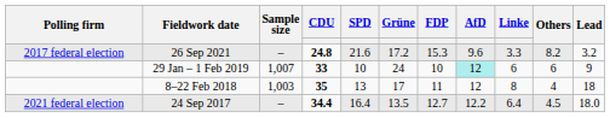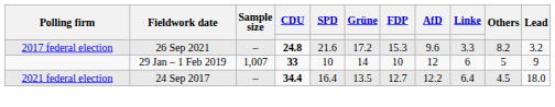 <table class="wikitable sortable mw-datatable" style="text-align:center;font-size:90%;line-height:14px;">
 <tr style="height:40px;">
 <th style="width:160px;" rowspan="2">Polling firm</th>
 <th style="width:135px;" rowspan="2">Fieldwork date</th>
 <th style="width:35px;" rowspan="2">Sample<br>size</th>
 <th class="unsortable" style="width:40px;"><a href='#'>CDU</a></th>
 <th class="unsortable" style="width:40px;"><a href='#'>SPD</a></th>
 <th class="unsortable" style="width:40px;"><a href='#'>Grüne</a></th>
 <th class="unsortable" style="width:40px;"><a href='#'>FDP</a></th>
 <th class="unsortable" style="width:40px;"><a href='#'>AfD</a></th>
 <th class="unsortable" style="width:40px;"><a href='#'>Linke</a></th>
 <th class="unsortable" style="width:30px;" rowspan="2">Others</th>
 <th style="width:30px;" rowspan="2">Lead</th>
 </tr>
 <tr>
 <th style="background:"></th>
 <th style="background:"></th>
 <th style="background:"></th>
 <th style="background:"></th>
 <th style="background:"></th>
 <th style="background:"></th>
 </tr>
 <tr>
 <td style="background:#E9E9E9;"><a href='#'>2017 federal election</a></td>
 <td style="background:#E9E9E9;" data-sort-value="2021-09-26">26 Sep 2021</td>
 <td style="background:#E9E9E9;">–</td>
 <td><strong>24.8</strong></td>
 <td style="background:#E9E9E9;">21.6</td>
 <td style="background:#E9E9E9;">17.2</td>
 <td style="background:#E9E9E9;">15.3</td>
 <td style="background:#E9E9E9;">9.6</td>
 <td style="background:#E9E9E9;">3.3</td>
 <td style="background:#E9E9E9;">8.2</td>
 <td style="background:">3.2</td>
 </tr>
 <tr>
 <td></td>
 <td data-sort-value="2019-02-01">29 Jan – 1 Feb 2019</td>
 <td>1,007</td>
 <td><strong>33</strong></td>
 <td>10</td>
-<td>24</td>
+<td>14</td>
 <td>10</td>
-<td style="background: paleturquoise;">12</td>
+<td>12</td>
 <td>6</td>
-<td>6</td>
+<td>5</td>
 <td style="background:">9</td>
-</tr>
-<tr>
-<td></td>
-<td data-sort-value="2018-02-22">8–22 Feb 2018</td>
-<td>1,003</td>
-<td><strong>35</strong></td>
-<td>13</td>
-<td>17</td>
-<td>11</td>
-<td>12</td>
-<td>8</td>
-<td>4</td>
-<td style="background:">18</td>
 </tr>
 <tr>
 <td style="background:#E9E9E9;"><a href='#'>2021 federal election</a></td>
 <td style="background:#E9E9E9;" data-sort-value="2017-09-24">24 Sep 2017</td>
 <td style="background:#E9E9E9;">–</td>
 <td><strong>34.4</strong></td>
 <td style="background:#E9E9E9;">16.4</td>
 <td style="background:#E9E9E9;">13.5</td>
 <td style="background:#E9E9E9;">12.7</td>
 <td style="background:#E9E9E9;">12.2</td>
 <td style="background:#E9E9E9;">6.4</td>
 <td style="background:#E9E9E9;">4.5</td>
 <td style="background:">18.0</td>
 </tr>
 </table>
